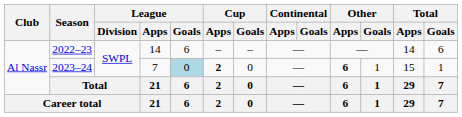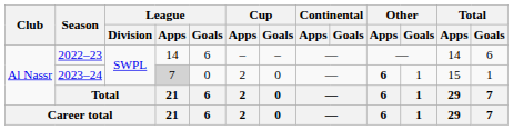 <table class="wikitable" style="text-align: center;">
 <tr>
 <th rowspan="2">Club</th>
 <th rowspan="2">Season</th>
 <th colspan="3">League</th>
 <th colspan="2">Cup</th>
 <th colspan="2">Continental</th>
 <th colspan="2">Other</th>
 <th colspan="2">Total</th>
 </tr>
 <tr>
 <th>Division</th>
 <th>Apps</th>
 <th>Goals</th>
 <th>Apps</th>
 <th>Goals</th>
 <th>Apps</th>
 <th>Goals</th>
 <th>Apps</th>
 <th>Goals</th>
 <th>Apps</th>
 <th>Goals</th>
 </tr>
 <tr>
 <td rowspan="3"><a href='#'>Al Nassr</a></td>
 <td><a href='#'>2022–23</a></td>
 <td rowspan="2"><a href='#'>SWPL</a></td>
 <td>14</td>
 <td>6</td>
 <td>–</td>
 <td>–</td>
 <td colspan="2">—</td>
 <td colspan="2">—</td>
 <td>14</td>
 <td>6</td>
 </tr>
 <tr>
 <td><a href='#'>2023–24</a></td>
-<td>7</td>
-<td style="background: lightblue;">0</td>
-<td><strong>2</strong></td>
+<td style="background: lightgrey;">7</td>
+<td>0</td>
+<td>2</td>
 <td>0</td>
 <td colspan="2">—</td>
 <td><strong>6</strong></td>
 <td>1</td>
 <td>15</td>
 <td>1</td>
 </tr>
 <tr>
 <th colspan="2">Total</th>
 <th>21</th>
 <th>6</th>
 <th>2</th>
 <th>0</th>
 <th colspan="2">—</th>
 <th>6</th>
 <th>1</th>
 <th>29</th>
 <th>7</th>
 </tr>
 <tr>
 <th colspan="3">Career total</th>
 <th>21</th>
 <th>6</th>
 <th>2</th>
 <th>0</th>
 <th colspan="2">—</th>
 <th>6</th>
 <th>1</th>
 <th>29</th>
 <th>7</th>
 </tr>
 </table>
